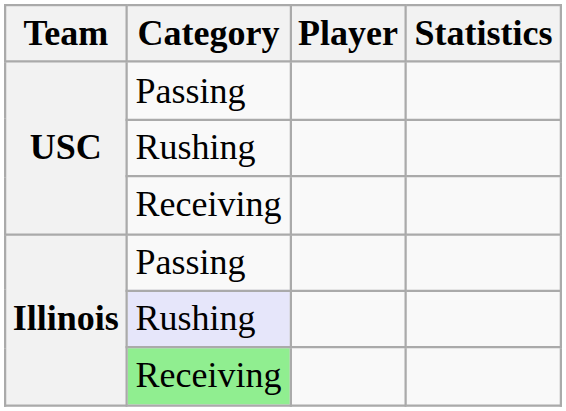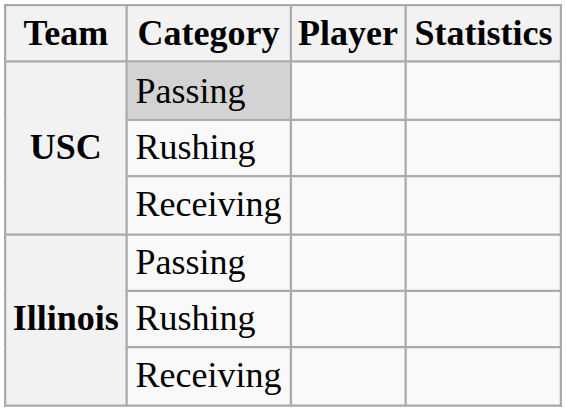 <table class="wikitable" style="float:right">
 <tr>
 <th>Team</th>
 <th>Category</th>
 <th>Player</th>
 <th>Statistics</th>
 </tr>
 <tr>
 <th rowspan=3>USC</th>
-<td>Passing</td>
+<td style="background: lightgrey;">Passing</td>
 <td></td>
 <td></td>
 </tr>
 <tr>
 <td>Rushing</td>
 <td></td>
 <td></td>
 </tr>
 <tr>
 <td>Receiving</td>
 <td></td>
 <td></td>
 </tr>
 <tr>
 <th rowspan=3>Illinois</th>
 <td>Passing</td>
 <td></td>
 <td></td>
 </tr>
 <tr>
-<td style="background: lavender;">Rushing</td>
+<td>Rushing</td>
 <td></td>
 <td></td>
 </tr>
 <tr>
-<td style="background: lightgreen;">Receiving</td>
+<td>Receiving</td>
 <td></td>
 <td></td>
 </tr>
 </table>
